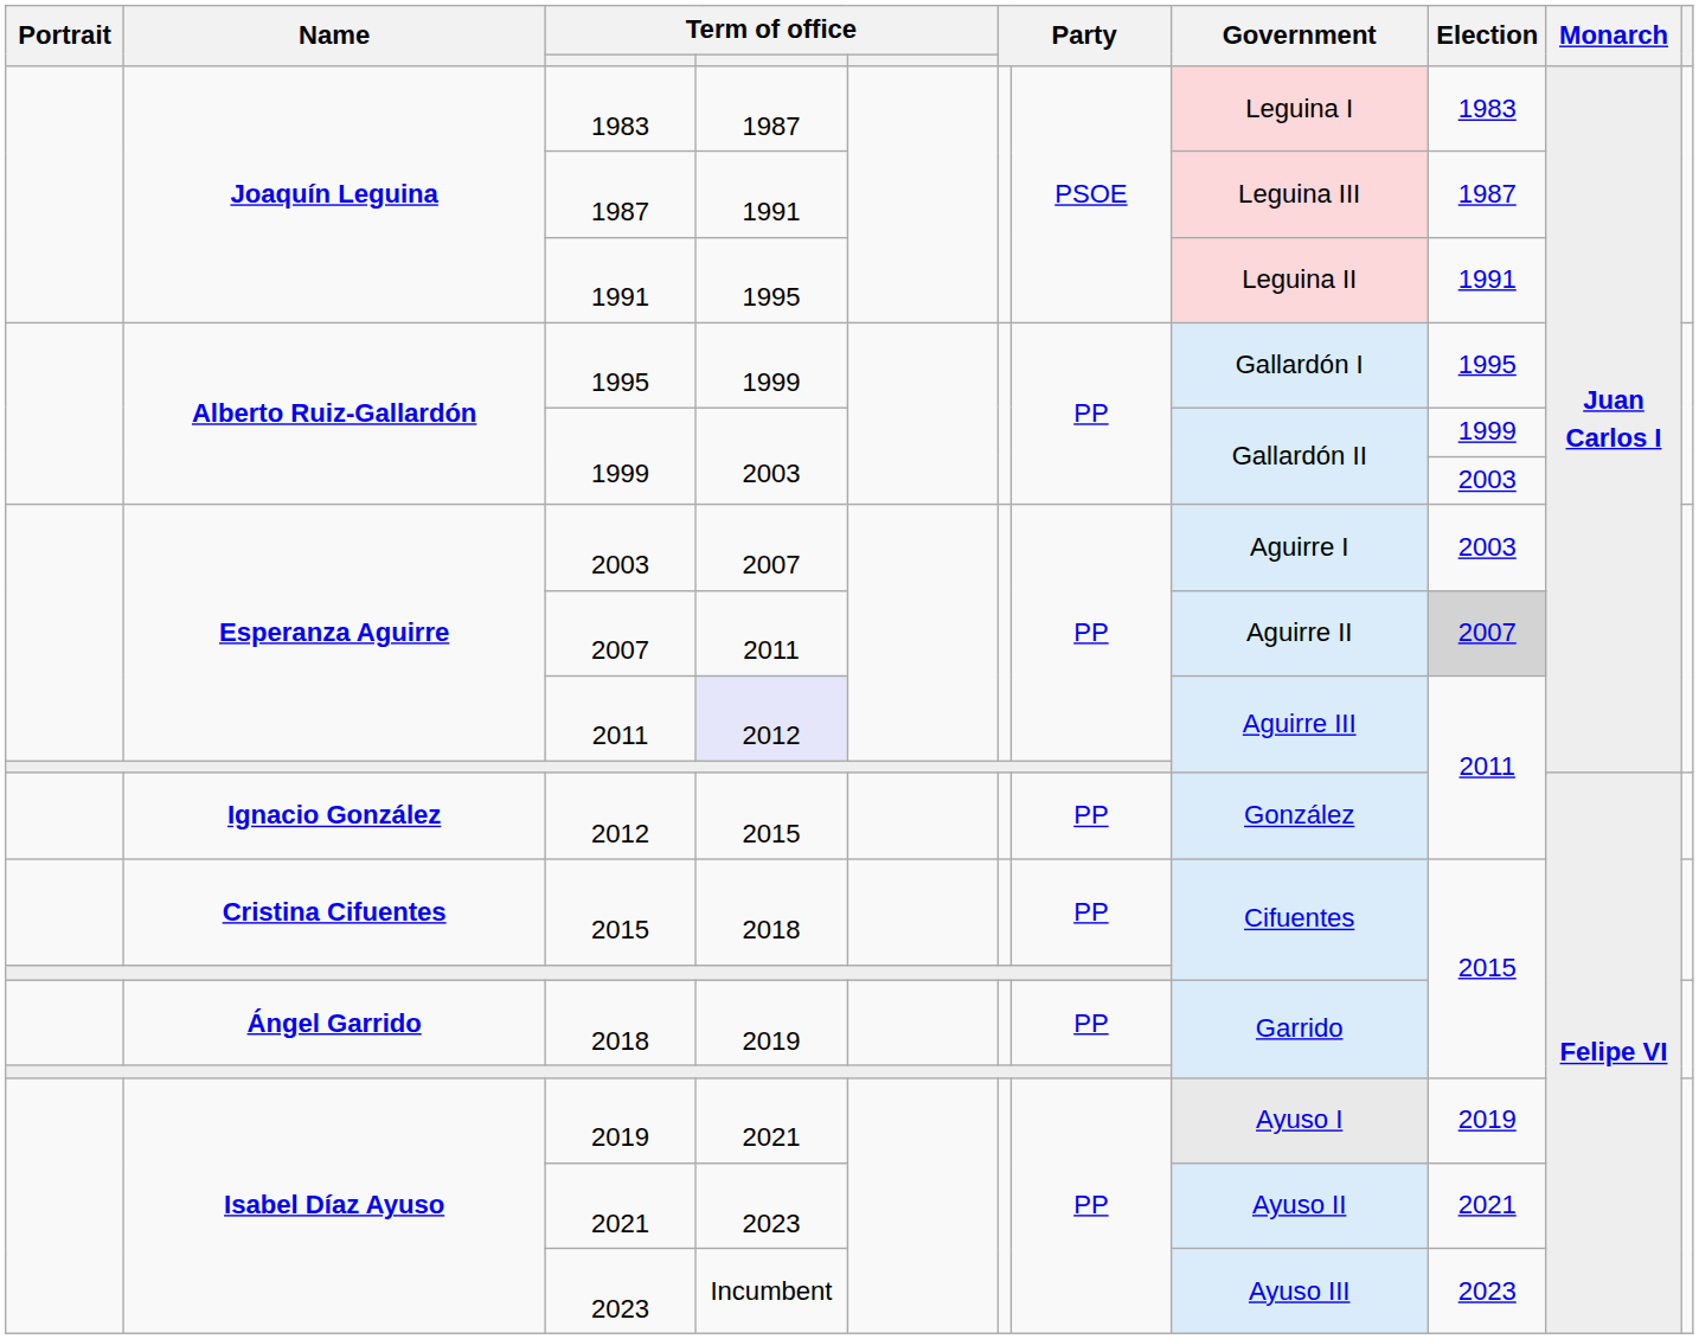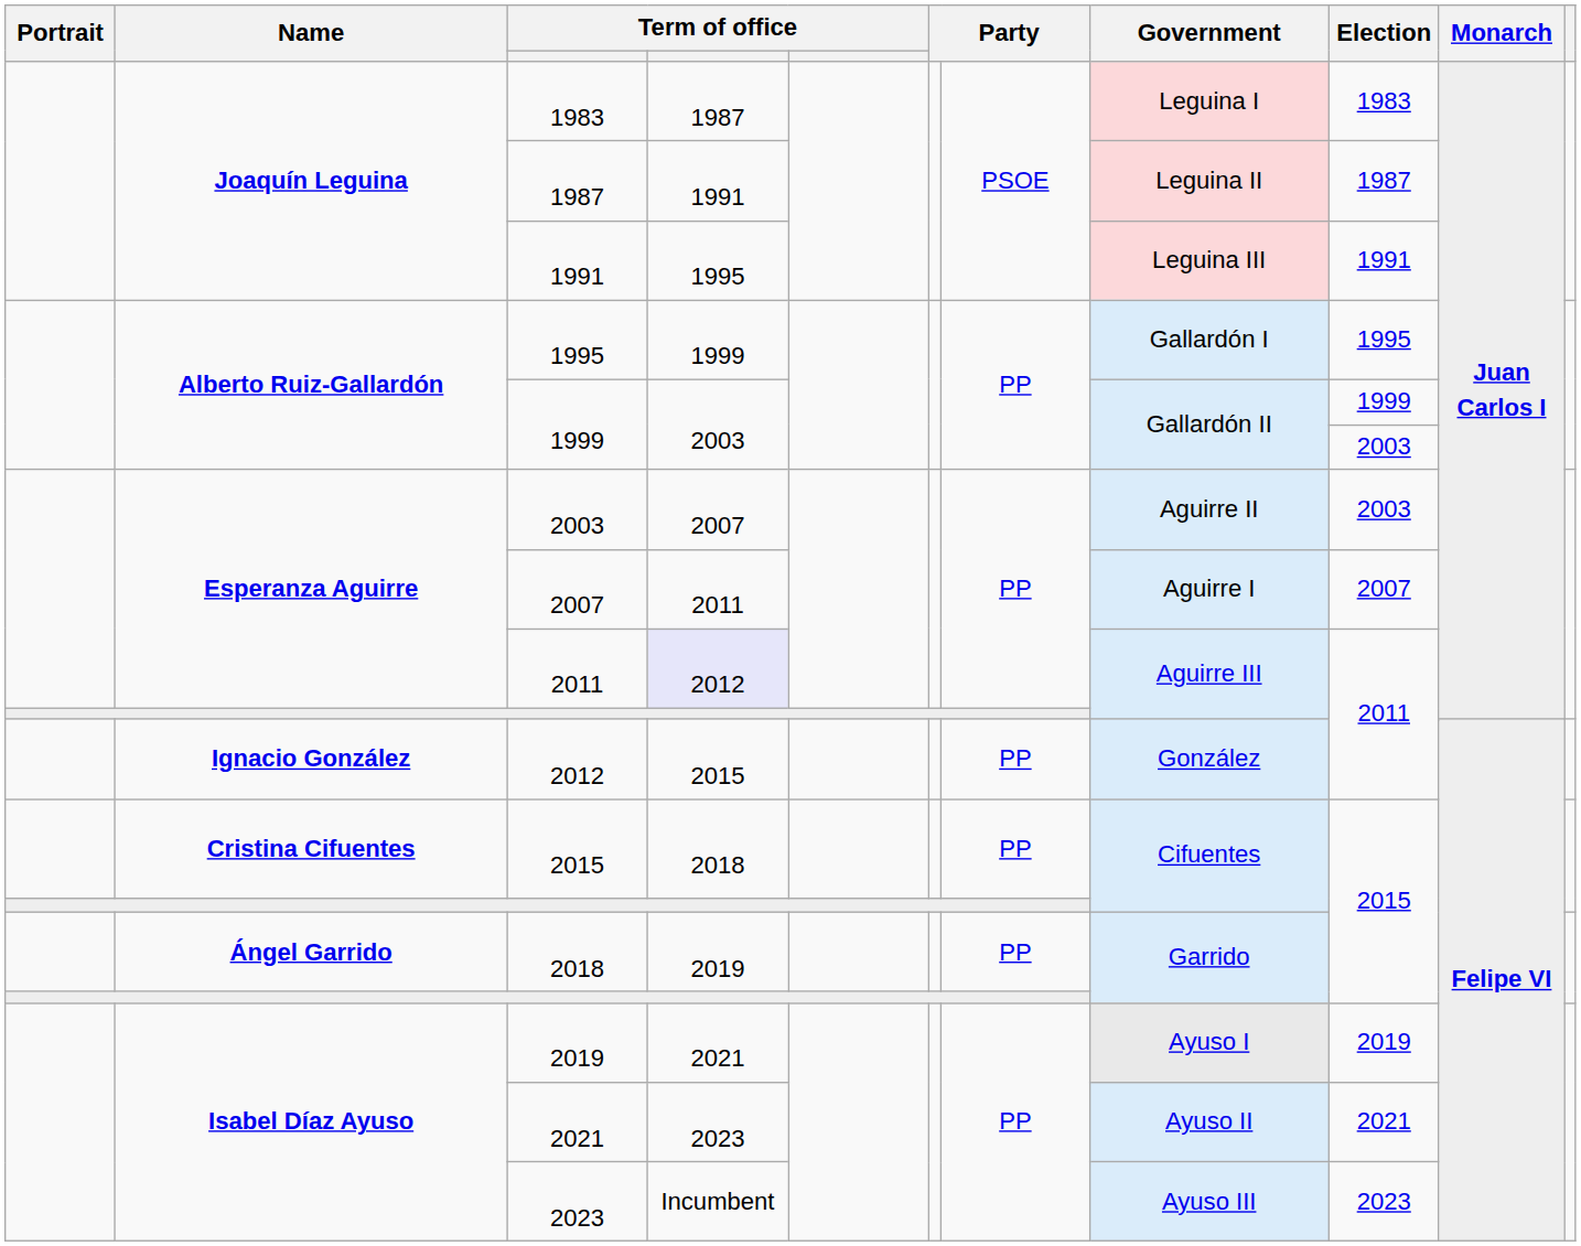 <table class="wikitable" style="line-height:1.4em; text-align:center; border:1px #aaf solid;">
 <tr>
 <th rowspan="2" width="65">Portrait</th>
 <th rowspan="2" width="250">Name<br></th>
 <th colspan="3">Term of office</th>
 <th rowspan="2" colspan="2" width="90">Party</th>
 <th rowspan="2" width="150">Government<br></th>
 <th rowspan="2" width="65">Election</th>
 <th rowspan="2" width="75"><a href='#'>Monarch</a><br></th>
 <th rowspan="2"></th>
 </tr>
 <tr>
 <th width="85"></th>
 <th width="85"></th>
 <th width="85"></th>
 </tr>
 <tr>
 <td rowspan="3" width="65"></td>
 <td rowspan="3"><strong><a href='#'>Joaquín Leguina</a></strong><br></td>
 <td class="nowrap"><br>1983</td>
 <td class="nowrap"><br>1987</td>
 <td rowspan="3" style="font-size:95%;"></td>
 <td rowspan="3" width="1" style="color:inherit;background:"></td>
 <td rowspan="3" width="90"><a href='#'>PSOE</a></td>
 <td style="background:#FCD8DA;">Leguina I<br></td>
 <td><a href='#'>1983</a></td>
 <td scope="row" style="text-align:center;" rowspan="11" bgcolor="#EEEEEE"><br><strong><a href='#'>Juan Carlos I</a></strong><br><br></td>
 <td rowspan="3"><br><br><br></td>
 </tr>
 <tr>
 <td class="nowrap"><br>1987</td>
 <td class="nowrap"><br>1991</td>
-<td style="background:#FCD8DA;">Leguina III<br></td>
+<td style="background:#FCD8DA;">Leguina II<br></td>
 <td><a href='#'>1987</a></td>
 </tr>
 <tr>
 <td class="nowrap"><br>1991</td>
 <td class="nowrap"><br>1995</td>
-<td style="background:#FCD8DA;">Leguina II<br></td>
+<td style="background:#FCD8DA;">Leguina III<br></td>
 <td><a href='#'>1991</a></td>
 </tr>
 <tr>
 <td rowspan="3"></td>
 <td rowspan="3"><strong><a href='#'>Alberto Ruiz-Gallardón</a></strong><br></td>
 <td class="nowrap"><br>1995</td>
 <td class="nowrap"><br>1999</td>
 <td rowspan="3" style="font-size:95%;"></td>
 <td rowspan="3" style="color:inherit;background:"></td>
 <td rowspan="3"><a href='#'>PP</a></td>
 <td style="background:#DAECFA;">Gallardón I<br></td>
 <td><a href='#'>1995</a></td>
 <td rowspan="3"><br><br></td>
 </tr>
 <tr>
 <td rowspan="2" class="nowrap"><br>1999</td>
 <td rowspan="2" class="nowrap"><br>2003</td>
 <td rowspan="2" style="background:#DAECFA;">Gallardón II<br></td>
 <td><a href='#'>1999</a></td>
 </tr>
 <tr>
 <td><a href='#'> 2003</a></td>
 </tr>
 <tr>
 <td rowspan="3"></td>
 <td rowspan="3"><strong><a href='#'>Esperanza Aguirre</a></strong><br></td>
 <td class="nowrap"><br>2003</td>
 <td class="nowrap"><br>2007</td>
 <td rowspan="3" style="font-size:95%;"></td>
 <td rowspan="3" style="color:inherit;background:"></td>
 <td rowspan="3"><a href='#'>PP</a></td>
-<td style="background:#DAECFA;">Aguirre I<br></td>
+<td style="background:#DAECFA;">Aguirre II<br></td>
 <td><a href='#'> 2003</a></td>
 <td rowspan="4"><br><br><br><br></td>
 </tr>
 <tr>
 <td class="nowrap"><br>2007</td>
 <td class="nowrap"><br>2011</td>
-<td style="background:#DAECFA;">Aguirre II<br></td>
-<td style="background: lightgrey;"><a href='#'>2007</a></td>
+<td style="background:#DAECFA;">Aguirre I<br></td>
+<td><a href='#'>2007</a></td>
 </tr>
 <tr>
 <td class="nowrap"><br>2011</td>
 <td class="nowrap" style="background: lavender;"><br>2012<br></td>
 <td rowspan="2" style="background:#DAECFA;"><a href='#'>Aguirre III</a><br></td>
 <td rowspan="4"><a href='#'>2011</a></td>
 </tr>
 <tr>
 <td colspan="7" style="background:#EEEEEE;"></td>
 </tr>
 <tr>
 <td rowspan="2"></td>
 <td rowspan="2"><strong><a href='#'>Ignacio González</a></strong><br></td>
 <td rowspan="2" class="nowrap"><br>2012</td>
 <td rowspan="2" class="nowrap"><br>2015</td>
 <td rowspan="2" style="font-size:95%;"></td>
 <td rowspan="2" style="color:inherit;background:"></td>
 <td rowspan="2"><a href='#'>PP</a></td>
 <td rowspan="2" style="background:#DAECFA;"><a href='#'>González</a><br></td>
 <td rowspan="2"><br><br></td>
 </tr>
 <tr>
 <td scope="row" style="text-align:center;" rowspan="8" bgcolor="#EEEEEE"><br><strong><a href='#'>Felipe VI</a></strong><br><br></td>
 </tr>
 <tr>
 <td></td>
 <td><strong><a href='#'>Cristina Cifuentes</a></strong><br></td>
 <td class="nowrap"><br>2015</td>
 <td class="nowrap"><br>2018<br></td>
 <td style="font-size:95%;"></td>
 <td style="color:inherit;background:"></td>
 <td><a href='#'>PP</a></td>
 <td rowspan="2" style="background:#DAECFA;"><a href='#'>Cifuentes</a><br></td>
 <td rowspan="4"><a href='#'>2015</a></td>
 <td rowspan="2"><br><br><br></td>
 </tr>
 <tr>
 <td colspan="7" style="background:#EEEEEE;"></td>
 </tr>
 <tr>
 <td></td>
 <td><strong><a href='#'>Ángel Garrido</a></strong><br></td>
 <td class="nowrap"><br>2018</td>
 <td class="nowrap"><br>2019<br></td>
 <td style="font-size:95%;"></td>
 <td style="color:inherit;background:"></td>
 <td><a href='#'>PP</a></td>
 <td rowspan="2" style="background:#DAECFA;"><a href='#'>Garrido</a><br></td>
 <td rowspan="2"><br><br></td>
 </tr>
 <tr>
 <td colspan="7" style="background:#EEEEEE;"></td>
 </tr>
 <tr>
 <td rowspan="3"></td>
 <td rowspan="3"><strong><a href='#'>Isabel Díaz Ayuso</a></strong><br></td>
 <td class="nowrap"><br>2019</td>
 <td class="nowrap"><br>2021</td>
 <td rowspan="3" style="font-size:95%;"></td>
 <td rowspan="3" style="color:inherit;background:"></td>
 <td rowspan="3"><a href='#'>PP</a></td>
 <td style="background:#E9E9E9;"><a href='#'>Ayuso I</a><br></td>
 <td><a href='#'>2019</a></td>
 <td rowspan="3"><br><br></td>
 </tr>
 <tr>
 <td class="nowrap"><br>2021</td>
 <td class="nowrap"><br>2023</td>
 <td style="background:#DAECFA;"><a href='#'>Ayuso II</a><br></td>
 <td><a href='#'>2021</a></td>
 </tr>
 <tr>
 <td class="nowrap"><br>2023</td>
 <td class="nowrap">Incumbent</td>
 <td style="background:#DAECFA;"><a href='#'>Ayuso III</a><br></td>
 <td><a href='#'>2023</a></td>
 </tr>
 </table>
